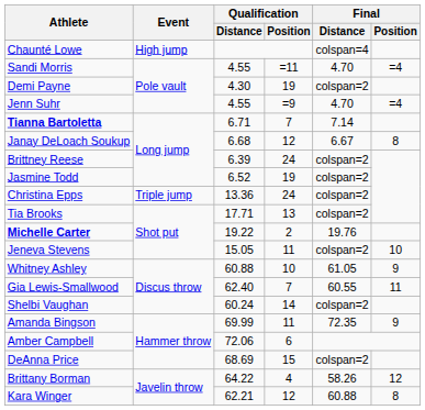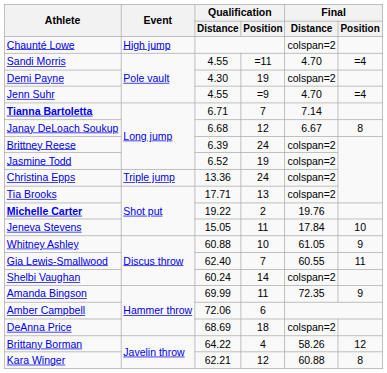 <table class=wikitable style="font-size:90%">
 <tr>
 <th rowspan="2">Athlete</th>
 <th rowspan="2">Event</th>
 <th colspan="2">Qualification</th>
 <th colspan="2">Final</th>
 </tr>
 <tr style="font-size:95%">
 <th>Distance</th>
 <th>Position</th>
 <th>Distance</th>
 <th>Position</th>
 </tr>
 <tr style=text-align:center>
 <td style=text-align:left><a href='#'>Chaunté Lowe</a></td>
 <td style=text-align:left><a href='#'>High jump</a></td>
 <td colspan=2></td>
-<td>colspan=4 </td>
+<td>colspan=2 </td>
 </tr>
 <tr style=text-align:center>
 <td style=text-align:left><a href='#'>Sandi Morris</a></td>
 <td style=text-align:left rowspan=3><a href='#'>Pole vault</a></td>
 <td>4.55</td>
 <td>=11 <strong></strong></td>
 <td>4.70</td>
 <td>=4</td>
 </tr>
 <tr style=text-align:center>
 <td style=text-align:left><a href='#'>Demi Payne</a></td>
 <td>4.30</td>
 <td>19</td>
 <td>colspan=2 </td>
 </tr>
 <tr style=text-align:center>
 <td style=text-align:left><a href='#'>Jenn Suhr</a></td>
 <td>4.55</td>
 <td>=9 <strong></strong></td>
 <td>4.70</td>
 <td>=4</td>
 </tr>
 <tr style=text-align:center>
 <td style=text-align:left><strong><a href='#'>Tianna Bartoletta</a></strong></td>
 <td style=text-align:left rowspan=4><a href='#'>Long jump</a></td>
 <td>6.71</td>
 <td>7 <strong></strong></td>
 <td>7.14 <strong></strong></td>
 <td></td>
 </tr>
 <tr style=text-align:center>
 <td style=text-align:left><a href='#'>Janay DeLoach Soukup</a></td>
 <td>6.68</td>
 <td>12 <strong></strong></td>
 <td>6.67</td>
 <td>8</td>
 </tr>
 <tr style=text-align:center>
 <td style=text-align:left><a href='#'>Brittney Reese</a></td>
 <td>6.39</td>
 <td>24</td>
 <td>colspan=2 </td>
 </tr>
 <tr style=text-align:center>
 <td style=text-align:left><a href='#'>Jasmine Todd</a></td>
 <td>6.52</td>
 <td>19</td>
 <td>colspan=2 </td>
 </tr>
 <tr style=text-align:center>
 <td style=text-align:left><a href='#'>Christina Epps</a></td>
 <td style=text-align:left><a href='#'>Triple jump</a></td>
 <td>13.36</td>
 <td>24</td>
 <td>colspan=2 </td>
 </tr>
 <tr style=text-align:center>
 <td style=text-align:left><a href='#'>Tia Brooks</a></td>
 <td style=text-align:left rowspan=3><a href='#'>Shot put</a></td>
 <td>17.71</td>
 <td>13</td>
 <td>colspan=2 </td>
 </tr>
 <tr style=text-align:center>
 <td style=text-align:left><strong><a href='#'>Michelle Carter</a></strong></td>
 <td>19.22</td>
 <td>2 <strong></strong></td>
 <td>19.76</td>
 <td></td>
 </tr>
 <tr style=text-align:center>
 <td style=text-align:left><a href='#'>Jeneva Stevens</a></td>
 <td>15.05</td>
 <td>11 <strong></strong></td>
-<td>colspan=2 </td>
+<td>17.84</td>
 <td>10</td>
 </tr>
 <tr style=text-align:center>
 <td style=text-align:left><a href='#'>Whitney Ashley</a></td>
 <td style=text-align:left rowspan=3><a href='#'>Discus throw</a></td>
 <td>60.88</td>
 <td>10 <strong></strong></td>
 <td>61.05</td>
 <td>9</td>
 </tr>
 <tr style=text-align:center>
 <td style=text-align:left><a href='#'>Gia Lewis-Smallwood</a></td>
 <td>62.40</td>
 <td>7 <strong></strong></td>
 <td>60.55</td>
 <td>11</td>
 </tr>
 <tr style=text-align:center>
 <td style=text-align:left><a href='#'>Shelbi Vaughan</a></td>
 <td>60.24</td>
 <td>14</td>
 <td>colspan=2 </td>
 </tr>
 <tr style=text-align:center>
 <td style=text-align:left><a href='#'>Amanda Bingson</a></td>
 <td style=text-align:left rowspan=3><a href='#'>Hammer throw</a></td>
 <td>69.99</td>
 <td>11 <strong></strong></td>
 <td>72.35 <strong></strong></td>
 <td>9</td>
 </tr>
 <tr style=text-align:center>
 <td style=text-align:left><a href='#'>Amber Campbell</a></td>
 <td>72.06</td>
 <td>6 <strong></strong></td>
 <td colspan=2></td>
 </tr>
 <tr style=text-align:center>
 <td style=text-align:left><a href='#'>DeAnna Price</a></td>
 <td>68.69</td>
-<td>15</td>
+<td>18</td>
 <td>colspan=2 </td>
 </tr>
 <tr style=text-align:center>
 <td style=text-align:left><a href='#'>Brittany Borman</a></td>
 <td style=text-align:left rowspan=2><a href='#'>Javelin throw</a></td>
 <td>64.22</td>
 <td>4 <strong></strong></td>
 <td>58.26</td>
 <td>12</td>
 </tr>
 <tr style=text-align:center>
 <td style=text-align:left><a href='#'>Kara Winger</a></td>
 <td>62.21</td>
 <td>12 <strong></strong></td>
 <td>60.88</td>
 <td>8</td>
 </tr>
 </table>
